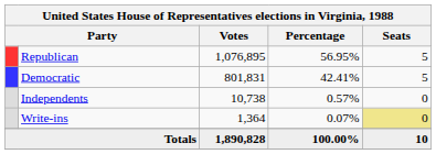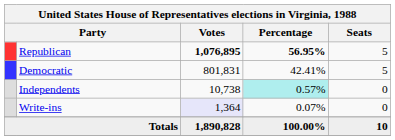 <table class="wikitable" style="font-size: 95%;">
 <tr>
 <th colspan="5">United States House of Representatives elections in Virginia, 1988</th>
 </tr>
 <tr>
 <th colspan=2 style="width: 15em">Party</th>
 <th style="width: 5em">Votes</th>
 <th style="width: 7em">Percentage</th>
 <th style="width: 5em">Seats</th>
 </tr>
 <tr>
 <th style="background-color:#FF3333; width: 3px"></th>
 <td style="width: 130px"><a href='#'>Republican</a></td>
-<td align="right">1,076,895</td>
-<td align="right">56.95%</td>
+<td align="right"><strong>1,076,895</strong></td>
+<td align="right"><strong>56.95%</strong></td>
 <td align="right">5</td>
 </tr>
 <tr>
 <th style="background-color:#3333FF; width: 3px"></th>
 <td style="width: 130px"><a href='#'>Democratic</a></td>
 <td align="right">801,831</td>
 <td align="right">42.41%</td>
 <td align="right">5</td>
 </tr>
 <tr>
 <th style="background-color:#DDDDDD; width: 3px"></th>
 <td style="width: 130px"><a href='#'>Independents</a></td>
 <td align="right">10,738</td>
-<td align="right">0.57%</td>
+<td align="right" style="background: paleturquoise;">0.57%</td>
 <td align="right">0</td>
 </tr>
 <tr>
 <th style="background-color:#DDDDDD; width: 3px"></th>
 <td style="width: 130px"><a href='#'>Write-ins</a></td>
-<td align="right">1,364</td>
+<td align="right" style="background: lavender;">1,364</td>
 <td align="right">0.07%</td>
-<td align="right" style="background: khaki;">0</td>
+<td align="right">0</td>
 </tr>
 <tr>
 </tr>
 <tr bgcolor="#EEEEEE">
 <td colspan="2" align="right"><strong>Totals</strong></td>
 <td align="right"><strong>1,890,828</strong></td>
 <td align="right"><strong>100.00%</strong></td>
 <td align="right"><strong>10</strong></td>
 </tr>
 <tr bgcolor="#EEEEEE">
 </tr>
 </table>
